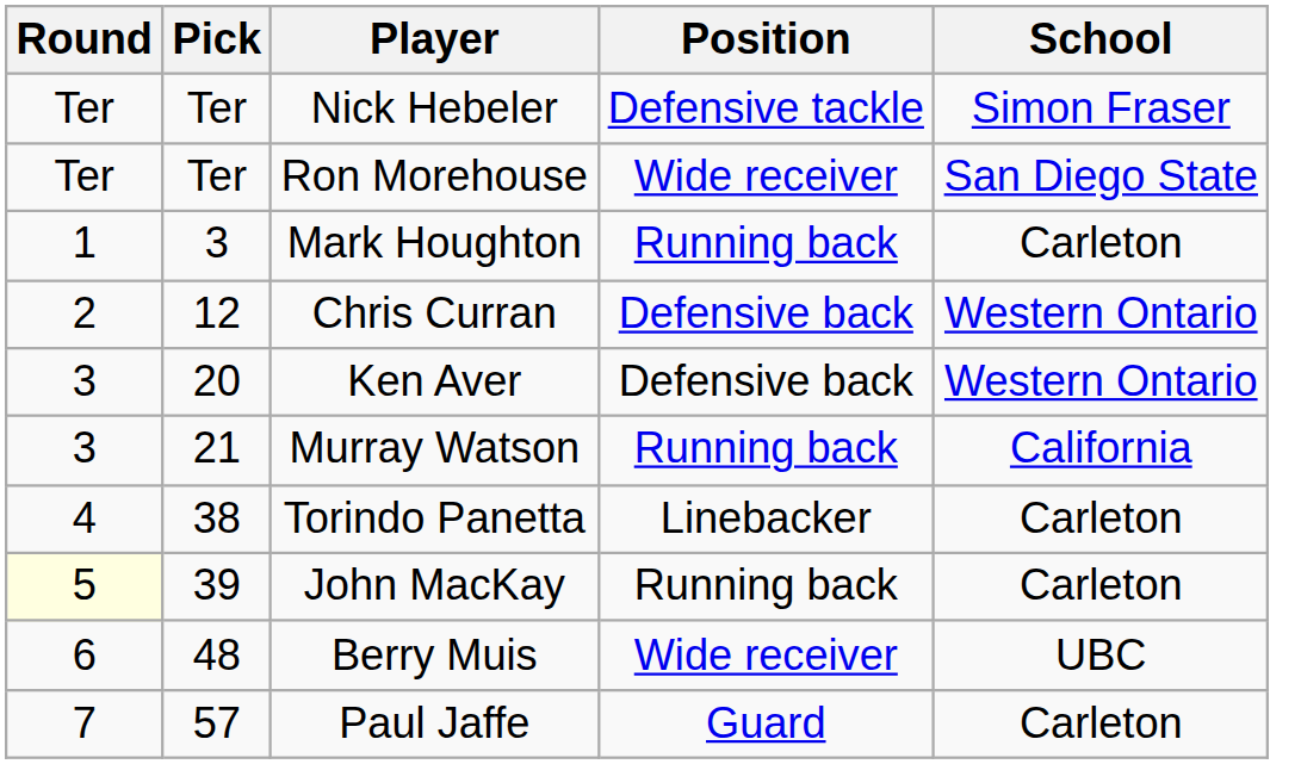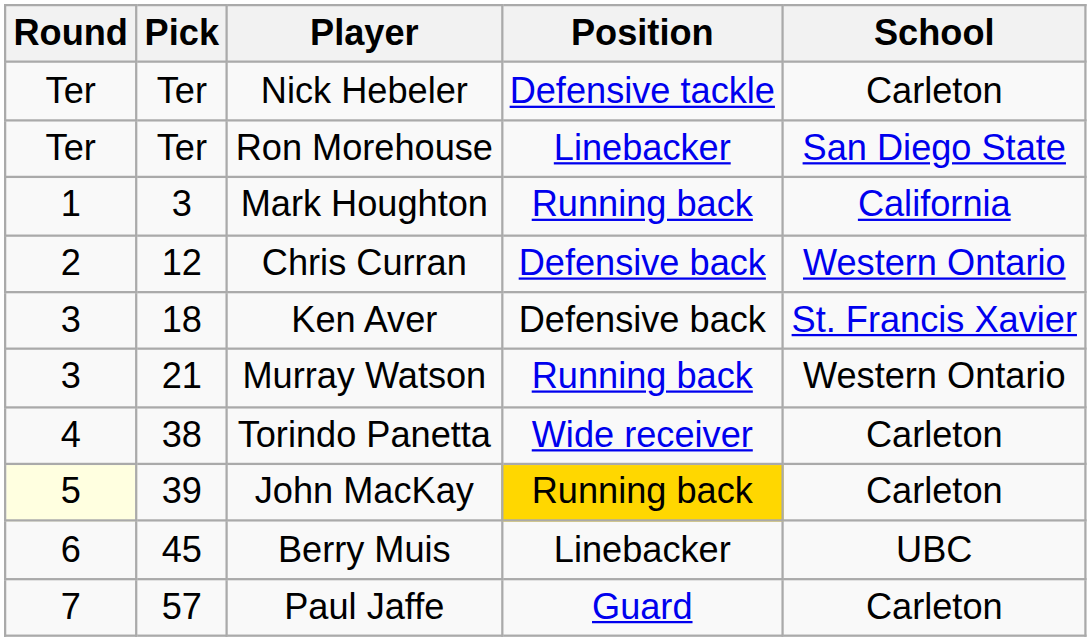 <table class="wikitable" style="text-align:center">
 <tr>
 <th scope="col">Round</th>
 <th scope="col">Pick</th>
 <th scope="col">Player</th>
 <th scope="col">Position</th>
 <th scope="col">School</th>
 </tr>
 <tr>
 <td>Ter</td>
 <td>Ter</td>
 <td>Nick Hebeler</td>
 <td><a href='#'>Defensive tackle</a></td>
-<td><a href='#'>Simon Fraser</a></td>
+<td>Carleton</td>
 </tr>
 <tr>
 <td>Ter</td>
 <td>Ter</td>
 <td>Ron Morehouse</td>
-<td><a href='#'>Wide receiver</a></td>
+<td><a href='#'>Linebacker</a></td>
 <td><a href='#'>San Diego State</a></td>
 </tr>
 <tr>
 <td>1</td>
 <td>3</td>
 <td>Mark Houghton</td>
 <td><a href='#'>Running back</a></td>
-<td>Carleton</td>
+<td><a href='#'>California</a></td>
 </tr>
 <tr>
 <td>2</td>
 <td>12</td>
 <td>Chris Curran</td>
 <td><a href='#'>Defensive back</a></td>
 <td><a href='#'>Western Ontario</a></td>
 </tr>
 <tr>
 <td>3</td>
-<td>20</td>
+<td>18</td>
 <td>Ken Aver</td>
 <td>Defensive back</td>
-<td><a href='#'>Western Ontario</a></td>
+<td><a href='#'>St. Francis Xavier</a></td>
 </tr>
 <tr>
 <td>3</td>
 <td>21</td>
 <td>Murray Watson</td>
 <td><a href='#'>Running back</a></td>
-<td><a href='#'>California</a></td>
+<td>Western Ontario</td>
 </tr>
 <tr>
 <td>4</td>
 <td>38</td>
 <td>Torindo Panetta</td>
-<td>Linebacker</td>
+<td><a href='#'>Wide receiver</a></td>
 <td>Carleton</td>
 </tr>
 <tr>
 <td style="background: lightyellow;">5</td>
 <td>39</td>
 <td>John MacKay</td>
-<td>Running back</td>
+<td style="background: gold;">Running back</td>
 <td>Carleton</td>
 </tr>
 <tr>
 <td>6</td>
-<td>48</td>
+<td>45</td>
 <td>Berry Muis</td>
-<td><a href='#'>Wide receiver</a></td>
+<td>Linebacker</td>
 <td>UBC</td>
 </tr>
 <tr>
 <td>7</td>
 <td>57</td>
 <td>Paul Jaffe</td>
 <td><a href='#'>Guard</a></td>
 <td>Carleton</td>
 </tr>
 </table>
